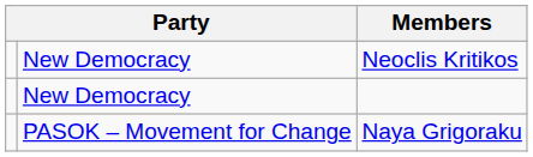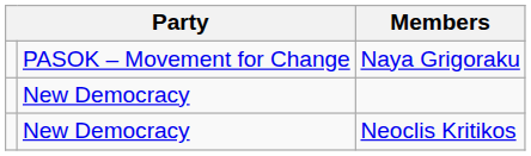 <table class="wikitable">
 <tr>
 <th colspan="2">Party</th>
 <th>Members</th>
 </tr>
 <tr>
 <td width="1"></td>
-<td><a href='#'>New Democracy</a></td>
-<td><a href='#'>Neoclis Kritikos</a></td>
+<td><a href='#'>PASOK – Movement for Change</a></td>
+<td><a href='#'>Naya Grigoraku</a></td>
 </tr>
 <tr>
 <td width="1"></td>
 <td><a href='#'>New Democracy</a></td>
 <td></td>
 </tr>
 <tr>
 <td width="1"></td>
-<td><a href='#'>PASOK – Movement for Change</a></td>
-<td><a href='#'>Naya Grigoraku</a></td>
+<td><a href='#'>New Democracy</a></td>
+<td><a href='#'>Neoclis Kritikos</a></td>
 </tr>
 </table>
